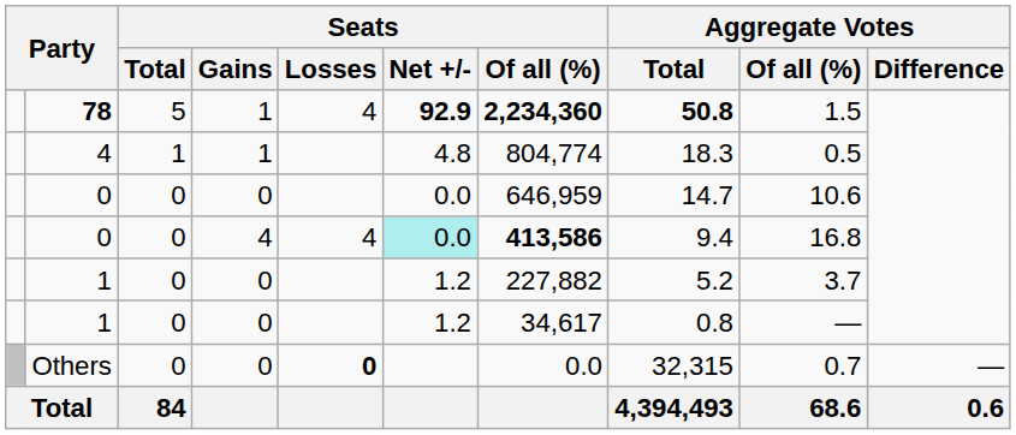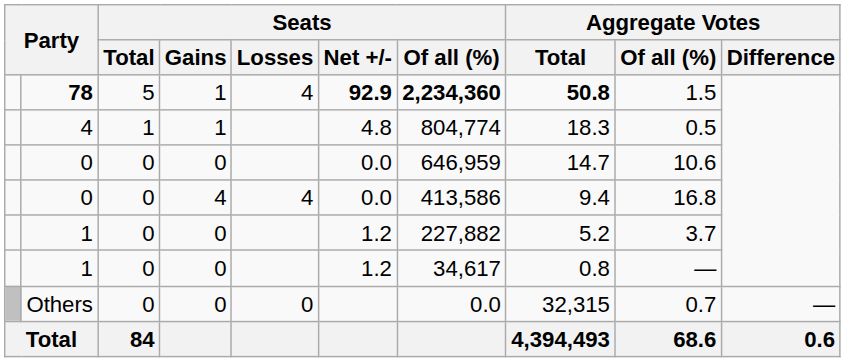 <table class="wikitable sortable" style="text-align:right; font-size:95%;">
 <tr>
 <th colspan="2" rowspan="2">Party</th>
 <th colspan="5">Seats</th>
 <th colspan="3">Aggregate Votes</th>
 </tr>
 <tr>
 <th>Total</th>
 <th>Gains</th>
 <th>Losses</th>
 <th>Net +/-</th>
 <th>Of all (%)</th>
 <th>Total</th>
 <th>Of all (%)</th>
 <th>Difference</th>
 </tr>
 <tr>
 <td></td>
 <td><strong>78</strong></td>
 <td>5</td>
 <td>1</td>
 <td>4</td>
 <td><strong>92.9</strong></td>
 <td><strong>2,234,360</strong></td>
 <td><strong>50.8</strong></td>
 <td>1.5</td>
 </tr>
 <tr>
 <td></td>
 <td>4</td>
 <td>1</td>
 <td>1</td>
 <td></td>
 <td>4.8</td>
 <td>804,774</td>
 <td>18.3</td>
 <td>0.5</td>
 </tr>
 <tr>
 <td></td>
 <td>0</td>
 <td>0</td>
 <td>0</td>
 <td></td>
 <td>0.0</td>
 <td>646,959</td>
 <td>14.7</td>
 <td>10.6</td>
 </tr>
 <tr>
 <td></td>
 <td>0</td>
 <td>0</td>
 <td>4</td>
 <td>4</td>
-<td style="background: paleturquoise;">0.0</td>
-<td><strong>413,586</strong></td>
+<td>0.0</td>
+<td>413,586</td>
 <td>9.4</td>
 <td>16.8</td>
 </tr>
 <tr>
 <td></td>
 <td>1</td>
 <td>0</td>
 <td>0</td>
 <td></td>
 <td>1.2</td>
 <td>227,882</td>
 <td>5.2</td>
 <td>3.7</td>
 </tr>
 <tr>
 <td></td>
 <td>1</td>
 <td>0</td>
 <td>0</td>
 <td></td>
 <td>1.2</td>
 <td>34,617</td>
 <td>0.8</td>
 <td>—</td>
 </tr>
 <tr>
 <td style="background:silver;"> </td>
 <td align=left>Others</td>
 <td>0</td>
 <td>0</td>
-<td><strong>0</strong></td>
+<td>0</td>
 <td></td>
 <td>0.0</td>
 <td>32,315</td>
 <td>0.7</td>
 <td>—</td>
 </tr>
 <tr class="sortbottom">
 <th colspan="2" style="background:#f2f2f2"><strong>Total</strong></th>
 <td style="background:#f2f2f2;"><strong>84</strong></td>
 <td style="background:#f2f2f2;"></td>
 <td style="background:#f2f2f2;"></td>
 <td style="background:#f2f2f2;"></td>
 <td style="background:#f2f2f2;"></td>
 <td style="background:#f2f2f2;"><strong>4,394,493</strong></td>
 <td style="background:#f2f2f2;"><strong>68.6</strong></td>
 <td style="background:#f2f2f2;"><strong>0.6</strong></td>
 </tr>
 </table>
